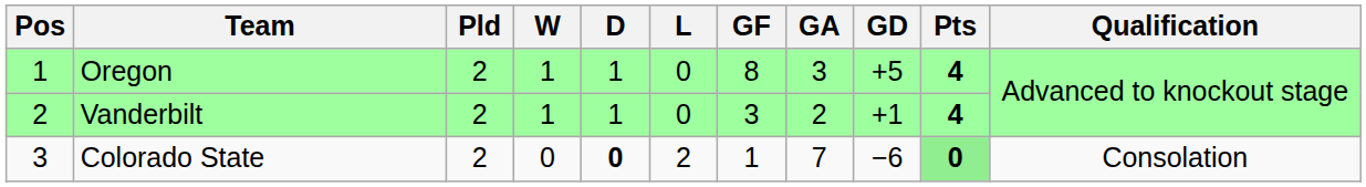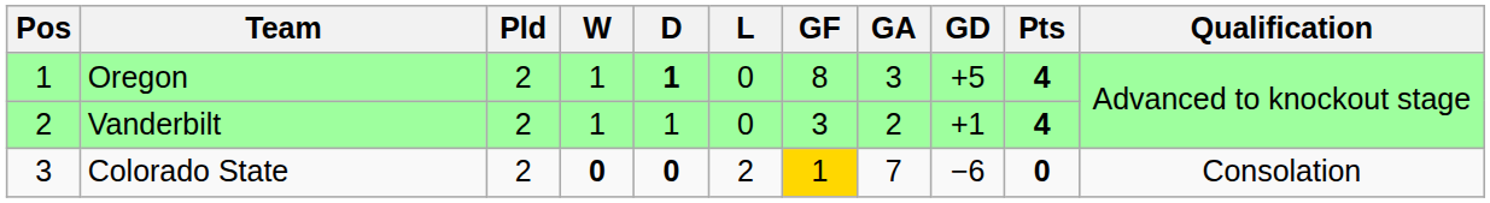 <table class="wikitable" style="text-align:center; margin: 1em auto">
 <tr>
 <th style=width:2em>Pos</th>
 <th style=width:13em>Team</th>
 <th style=width:2em>Pld</th>
 <th style=width:2em>W</th>
 <th style=width:2em>D</th>
 <th style=width:2em>L</th>
 <th style=width:2em>GF</th>
 <th style=width:2em>GA</th>
 <th style=width:2em>GD</th>
 <th style=width:2em>Pts</th>
 <th style=width:13em>Qualification</th>
 </tr>
 <tr bgcolor="#9eff9e">
 <td>1</td>
 <td style="text-align:left">Oregon</td>
 <td>2</td>
 <td>1</td>
-<td>1</td>
+<td><strong>1</strong></td>
 <td>0</td>
 <td>8</td>
 <td>3</td>
 <td>+5</td>
 <td><strong>4</strong></td>
 <td rowspan="2">Advanced to knockout stage</td>
 </tr>
 <tr bgcolor="#9eff9e">
 <td>2</td>
 <td style="text-align:left">Vanderbilt</td>
 <td>2</td>
 <td>1</td>
 <td>1</td>
 <td>0</td>
 <td>3</td>
 <td>2</td>
 <td>+1</td>
 <td><strong>4</strong></td>
 </tr>
 <tr>
 <td>3</td>
 <td style="text-align:left">Colorado State</td>
 <td>2</td>
-<td>0</td>
+<td><strong>0</strong></td>
 <td><strong>0</strong></td>
 <td>2</td>
-<td>1</td>
+<td style="background: gold;">1</td>
 <td>7</td>
 <td>−6</td>
-<td style="background: lightgreen;"><strong>0</strong></td>
+<td><strong>0</strong></td>
 <td>Consolation</td>
 </tr>
 </table>
